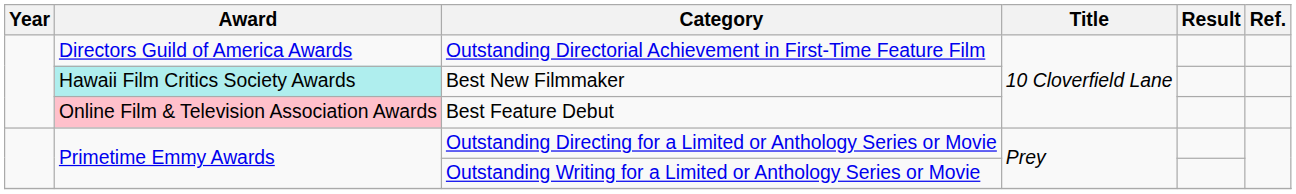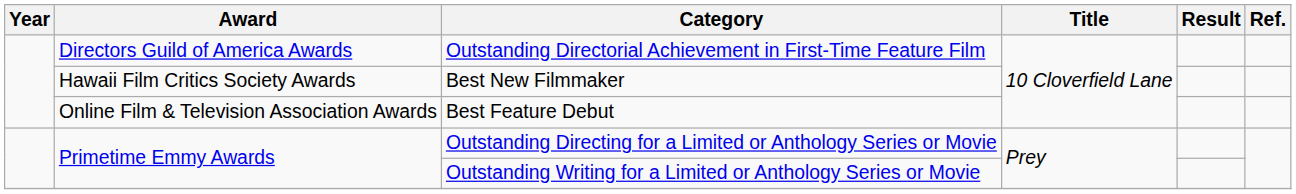 <table class="wikitable">
 <tr>
 <th>Year</th>
 <th>Award</th>
 <th>Category</th>
 <th>Title</th>
 <th>Result</th>
 <th>Ref.</th>
 </tr>
 <tr>
 <td rowspan="3"></td>
 <td><a href='#'>Directors Guild of America Awards</a></td>
 <td><a href='#'>Outstanding Directorial Achievement in First-Time Feature Film</a></td>
 <td rowspan="3"><em>10 Cloverfield Lane</em></td>
 <td></td>
 <td align="center"></td>
 </tr>
 <tr>
-<td style="background: paleturquoise;">Hawaii Film Critics Society Awards</td>
+<td>Hawaii Film Critics Society Awards</td>
 <td>Best New Filmmaker</td>
 <td></td>
 <td align="center"></td>
 </tr>
 <tr>
-<td style="background: pink;">Online Film & Television Association Awards</td>
+<td>Online Film & Television Association Awards</td>
 <td>Best Feature Debut</td>
 <td></td>
 <td align="center"></td>
 </tr>
 <tr>
 <td rowspan="2"></td>
 <td rowspan="2"><a href='#'>Primetime Emmy Awards</a></td>
 <td><a href='#'>Outstanding Directing for a Limited or Anthology Series or Movie</a></td>
 <td rowspan="2"><em>Prey</em></td>
 <td></td>
 <td align="center" rowspan="2"></td>
 </tr>
 <tr>
 <td><a href='#'>Outstanding Writing for a Limited or Anthology Series or Movie</a></td>
 <td></td>
 </tr>
 <tr>
 </tr>
 </table>
